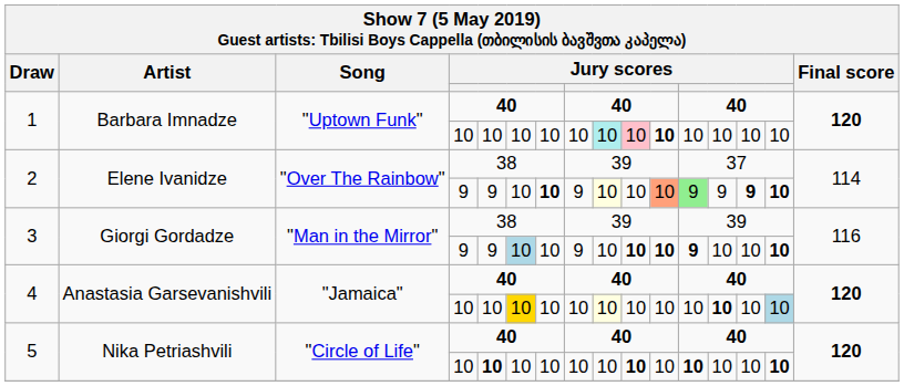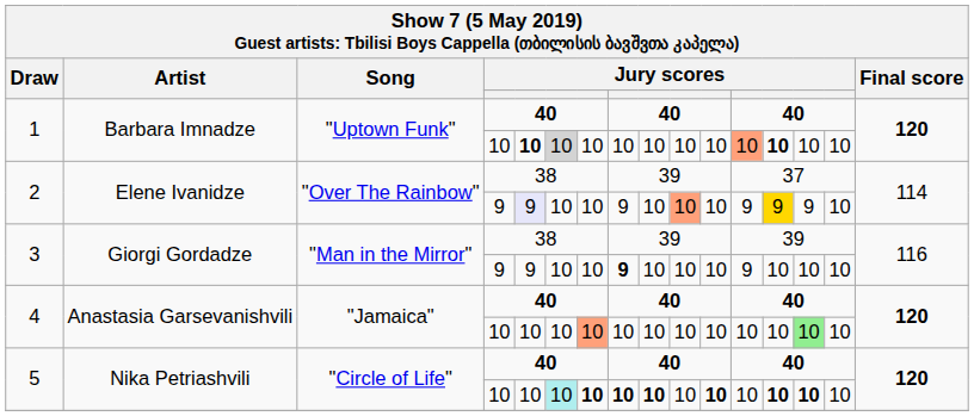 <table class="sortable wikitable" style="text-align:center;margin:1em auto 1em auto">
 <tr>
 <th colspan=16>Show 7 (5 May 2019)<br><small>Guest artists: Tbilisi Boys Cappella (თბილისის ბავშვთა კაპელა)</small></th>
 </tr>
 <tr>
 <th rowspan=2>Draw</th>
 <th rowspan=2>Artist</th>
 <th rowspan=2>Song</th>
 <th colspan=12>Jury scores</th>
 <th rowspan=2>Final score</th>
 </tr>
 <tr>
 <th colspan=4><small></small></th>
 <th colspan=4><small></small></th>
 <th colspan=4><small></small></th>
 </tr>
 <tr>
 <td rowspan=2>1</td>
 <td rowspan=2>Barbara Imnadze</td>
 <td rowspan=2>"<a href='#'>Uptown Funk</a>"</td>
 <td colspan=4><strong>40</strong></td>
 <td colspan=4><strong>40</strong></td>
 <td colspan=4><strong>40</strong></td>
 <td rowspan=2><strong>120</strong></td>
 </tr>
 <tr>
 <td>10</td>
+<td><strong>10</strong></td>
+<td style="background: lightgrey;">10</td>
 <td>10</td>
 <td>10</td>
 <td>10</td>
 <td>10</td>
-<td style="background: paleturquoise;">10</td>
-<td style="background: pink;">10</td>
+<td>10</td>
+<td style="background: lightsalmon;">10</td>
 <td><strong>10</strong></td>
-<td>10</td>
-<td>10</td>
 <td>10</td>
 <td>10</td>
 </tr>
 <tr>
 <td rowspan=2>2</td>
 <td rowspan=2>Elene Ivanidze</td>
 <td rowspan=2>"<a href='#'>Over The Rainbow</a>"</td>
 <td colspan=4>38</td>
 <td colspan=4>39</td>
 <td colspan=4>37</td>
 <td rowspan=2>114</td>
 </tr>
 <tr>
 <td>9</td>
+<td style="background: lavender;">9</td>
+<td>10</td>
+<td>10</td>
 <td>9</td>
 <td>10</td>
-<td><strong>10</strong></td>
+<td style="background: lightsalmon;">10</td>
+<td>10</td>
 <td>9</td>
-<td style="background: lightyellow;">10</td>
+<td style="background: gold;">9</td>
+<td>9</td>
 <td>10</td>
-<td style="background: lightsalmon;">10</td>
-<td style="background: lightgreen;">9</td>
-<td>9</td>
-<td><strong>9</strong></td>
-<td><strong>10</strong></td>
 </tr>
 <tr>
 <td rowspan=2>3</td>
 <td rowspan=2>Giorgi Gordadze</td>
 <td rowspan=2>"<a href='#'>Man in the Mirror</a>"</td>
 <td colspan=4>38</td>
 <td colspan=4>39</td>
 <td colspan=4>39</td>
 <td rowspan=2>116</td>
 </tr>
 <tr>
 <td>9</td>
 <td>9</td>
-<td style="background: lightblue;">10</td>
+<td>10</td>
+<td>10</td>
+<td><strong>9</strong></td>
+<td>10</td>
+<td>10</td>
 <td>10</td>
 <td>9</td>
 <td>10</td>
-<td><strong>10</strong></td>
-<td><strong>10</strong></td>
-<td><strong>9</strong></td>
 <td>10</td>
 <td>10</td>
-<td><strong>10</strong></td>
 </tr>
 <tr>
 <td rowspan=2>4</td>
 <td rowspan=2>Anastasia Garsevanishvili</td>
 <td rowspan=2>"Jamaica"</td>
 <td colspan=4><strong>40</strong></td>
 <td colspan=4><strong>40</strong></td>
 <td colspan=4><strong>40</strong></td>
 <td rowspan=2><strong>120</strong></td>
 </tr>
 <tr>
 <td>10</td>
 <td>10</td>
-<td style="background: gold;">10</td>
 <td>10</td>
-<td>10</td>
-<td style="background: lightyellow;">10</td>
+<td style="background: lightsalmon;">10</td>
 <td>10</td>
 <td>10</td>
 <td>10</td>
-<td><strong>10</strong></td>
 <td>10</td>
-<td style="background: lightblue;">10</td>
+<td>10</td>
+<td>10</td>
+<td style="background: lightgreen;">10</td>
+<td>10</td>
 </tr>
 <tr>
 <td rowspan=2>5</td>
 <td rowspan=2>Nika Petriashvili</td>
 <td rowspan=2>"<a href='#'>Circle of Life</a>"</td>
 <td colspan=4><strong>40</strong></td>
 <td colspan=4><strong>40</strong></td>
 <td colspan=4><strong>40</strong></td>
 <td rowspan=2><strong>120</strong></td>
 </tr>
 <tr>
 <td>10</td>
+<td>10</td>
+<td style="background: paleturquoise;">10</td>
 <td><strong>10</strong></td>
-<td>10</td>
-<td>10</td>
-<td>10</td>
+<td><strong>10</strong></td>
+<td><strong>10</strong></td>
 <td>10</td>
 <td><strong>10</strong></td>
 <td>10</td>
 <td><strong>10</strong></td>
+<td><strong>10</strong></td>
 <td>10</td>
-<td>10</td>
-<td><strong>10</strong></td>
 </tr>
 <tr>
 </tr>
 </table>
